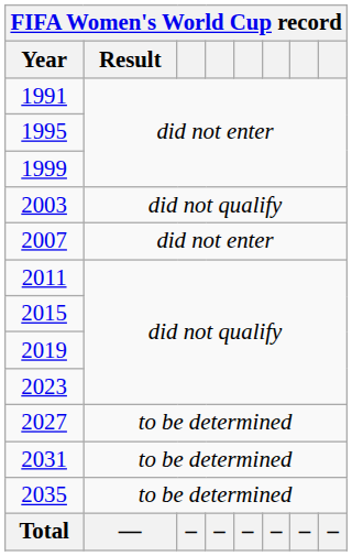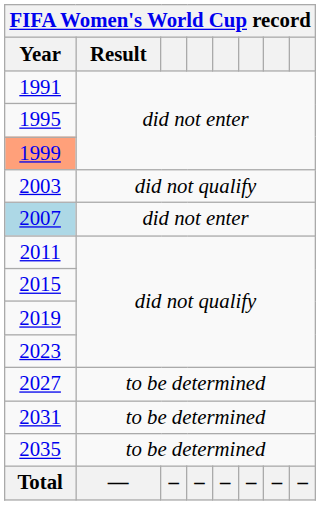 <table class="wikitable" style="text-align: center;">
 <tr>
 <th colspan=9><a href='#'>FIFA Women's World Cup</a> record</th>
 </tr>
 <tr>
 <th>Year</th>
 <th>Result</th>
 <th></th>
 <th></th>
 <th></th>
 <th></th>
 <th></th>
 <th></th>
 </tr>
 <tr>
 <td> <a href='#'>1991</a></td>
 <td colspan=7 rowspan=3><em>did not enter</em></td>
 </tr>
 <tr>
 <td> <a href='#'>1995</a></td>
 </tr>
 <tr>
-<td> <a href='#'>1999</a></td>
+<td style="background: lightsalmon;"> <a href='#'>1999</a></td>
 </tr>
 <tr>
 <td> <a href='#'>2003</a></td>
 <td colspan=7><em>did not qualify</em></td>
 </tr>
 <tr>
-<td> <a href='#'>2007</a></td>
+<td style="background: lightblue;"> <a href='#'>2007</a></td>
 <td colspan=7><em>did not enter</em></td>
 </tr>
 <tr>
 <td> <a href='#'>2011</a></td>
 <td colspan=7 rowspan=4><em>did not qualify</em></td>
 </tr>
 <tr>
 <td> <a href='#'>2015</a></td>
 </tr>
 <tr>
 <td> <a href='#'>2019</a></td>
 </tr>
 <tr>
 <td> <a href='#'>2023</a></td>
 </tr>
 <tr>
 <td> <a href='#'>2027</a></td>
 <td colspan=7><em>to be determined</em></td>
 </tr>
 <tr>
 <td> <a href='#'>2031</a></td>
 <td colspan=7><em>to be determined</em></td>
 </tr>
 <tr>
 <td> <a href='#'>2035</a></td>
 <td colspan=7><em>to be determined</em></td>
 </tr>
 <tr>
 <th>Total</th>
 <th>—</th>
 <th>–</th>
 <th>–</th>
 <th>–</th>
 <th>–</th>
 <th>–</th>
 <th>–</th>
 </tr>
 </table>
